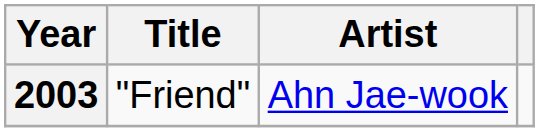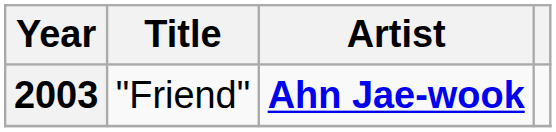 <table class="wikitable plainrowheaders">
 <tr>
 <th scope="col">Year</th>
 <th scope="col">Title</th>
 <th scope="col">Artist</th>
 <th scope="col" class="unsortable"></th>
 </tr>
 <tr>
 <th scope="row">2003</th>
 <td>"Friend"</td>
-<td><a href='#'>Ahn Jae-wook</a></td>
+<td><strong><a href='#'>Ahn Jae-wook</a></strong></td>
 <td></td>
 </tr>
 <tr>
 </tr>
 </table>
